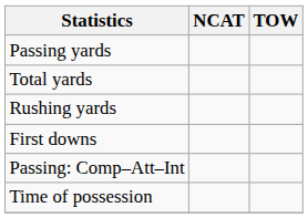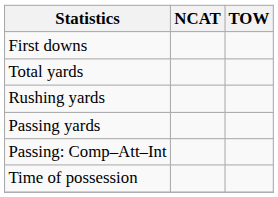 <table class="wikitable" style="float: left;">
 <tr>
 <th>Statistics</th>
 <th>NCAT</th>
 <th>TOW</th>
 </tr>
 <tr>
-<td>Passing yards</td>
+<td>First downs</td>
 <td></td>
 <td></td>
 </tr>
 <tr>
 <td>Total yards</td>
 <td></td>
 <td></td>
 </tr>
 <tr>
 <td>Rushing yards</td>
 <td></td>
 <td></td>
 </tr>
 <tr>
-<td>First downs</td>
+<td>Passing yards</td>
 <td></td>
 <td></td>
 </tr>
 <tr>
 <td>Passing: Comp–Att–Int</td>
 <td></td>
 <td></td>
 </tr>
 <tr>
 <td>Time of possession</td>
 <td></td>
 <td></td>
 </tr>
 <tr>
 </tr>
 </table>
